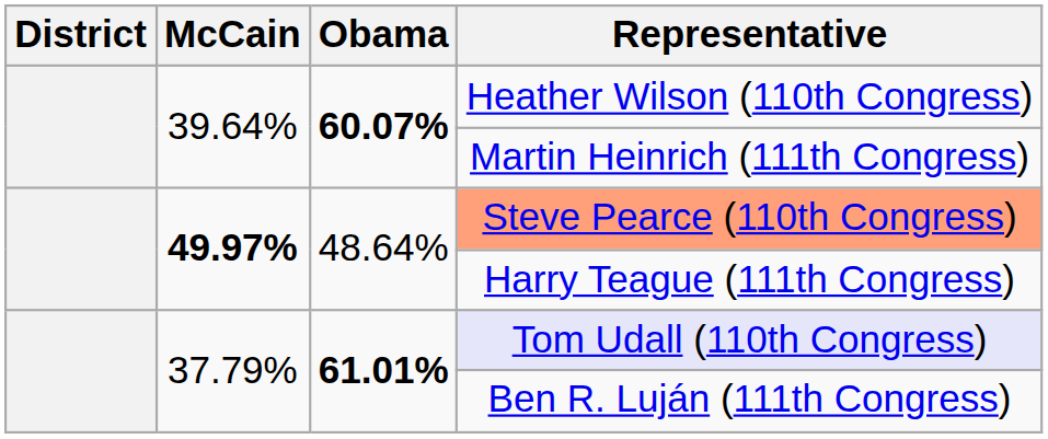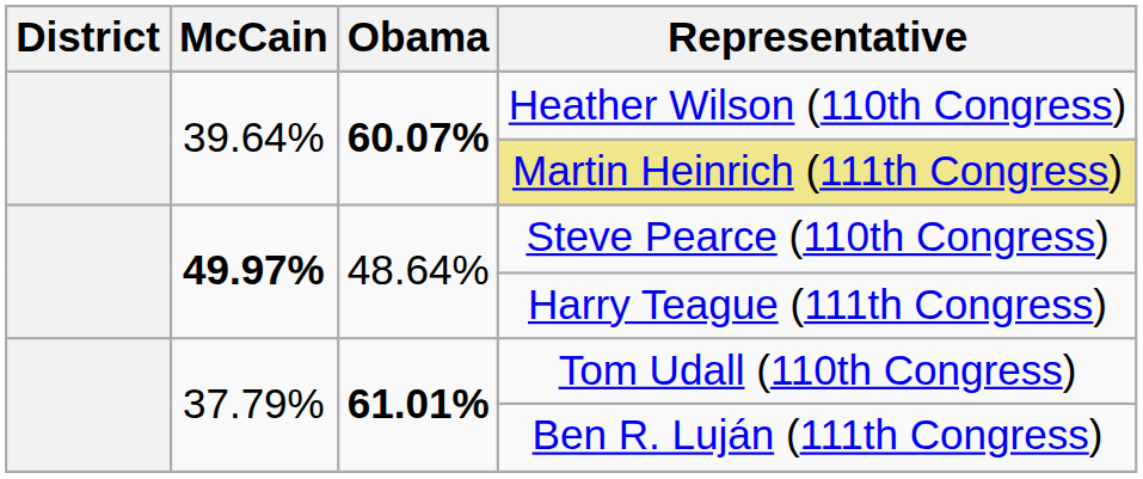 <table class=wikitable>
 <tr>
 <th>District</th>
 <th>McCain</th>
 <th>Obama</th>
 <th>Representative</th>
 </tr>
 <tr align=center>
 <th rowspan=2 ></th>
 <td rowspan=2>39.64%</td>
 <td rowspan=2><strong>60.07%</strong></td>
 <td><a href='#'>Heather Wilson</a> (<a href='#'>110th Congress</a>)</td>
 </tr>
 <tr align=center>
-<td><a href='#'>Martin Heinrich</a> (<a href='#'>111th Congress</a>)</td>
+<td style="background: khaki;"><a href='#'>Martin Heinrich</a> (<a href='#'>111th Congress</a>)</td>
 </tr>
 <tr align=center>
 <th rowspan=2 ></th>
 <td rowspan=2><strong>49.97%</strong></td>
 <td rowspan=2>48.64%</td>
-<td style="background: lightsalmon;"><a href='#'>Steve Pearce</a> (<a href='#'>110th Congress</a>)</td>
+<td><a href='#'>Steve Pearce</a> (<a href='#'>110th Congress</a>)</td>
 </tr>
 <tr align=center>
 <td><a href='#'>Harry Teague</a> (<a href='#'>111th Congress</a>)</td>
 </tr>
 <tr align=center>
 <th rowspan=2 ></th>
 <td rowspan=2>37.79%</td>
 <td rowspan=2><strong>61.01%</strong></td>
-<td style="background: lavender;"><a href='#'>Tom Udall</a> (<a href='#'>110th Congress</a>)</td>
+<td><a href='#'>Tom Udall</a> (<a href='#'>110th Congress</a>)</td>
 </tr>
 <tr align=center>
 <td><a href='#'>Ben R. Luján</a> (<a href='#'>111th Congress</a>)</td>
 </tr>
 </table>
